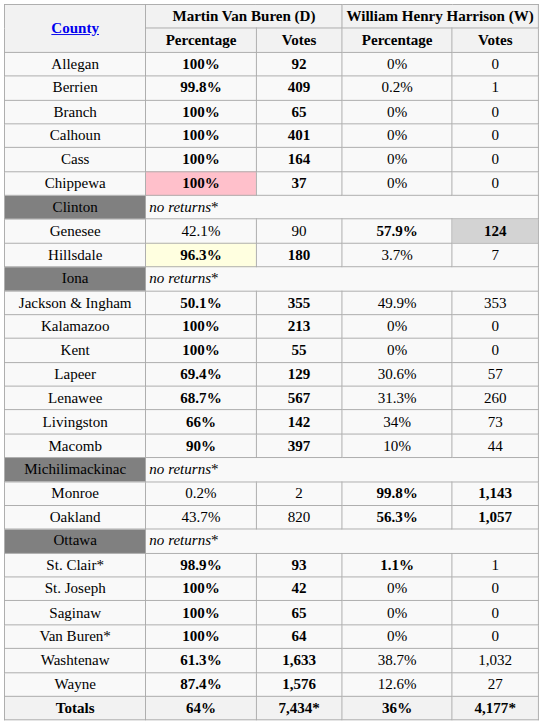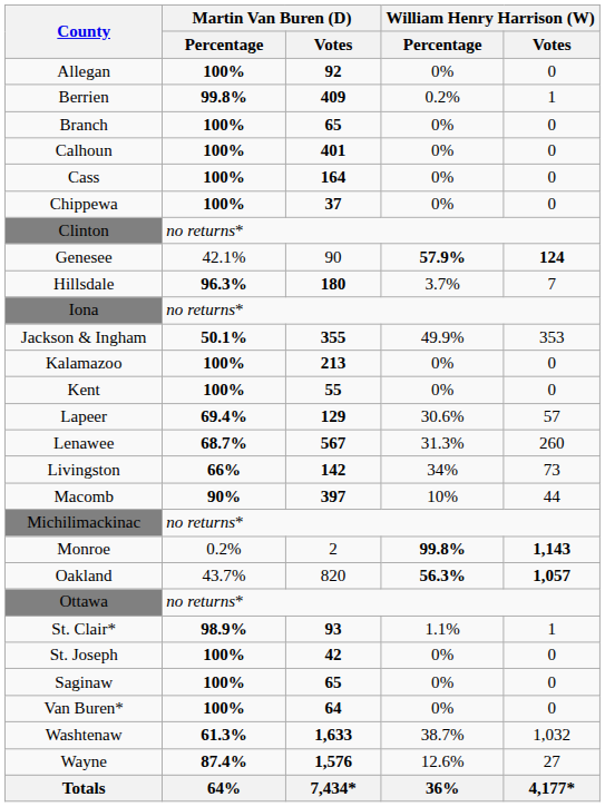 <table style="width:45%;" class="wikitable sortable">
 <tr style="background:lightgrey;">
 <th style="width:10%;" rowspan=2><a href='#'>County</a></th>
 <th style="width:20%;" colspan=2>Martin Van Buren (D)</th>
 <th style="width:20%;" colspan=2>William Henry Harrison (W)</th>
 </tr>
 <tr>
 <th style="width:10%;">Percentage</th>
 <th style="width:10%;">Votes</th>
 <th style="width:10%;">Percentage</th>
 <th style="width:10%;">Votes</th>
 </tr>
 <tr>
 <td align="center" >Allegan</td>
 <td style="text-align:center;"><strong>100%</strong></td>
 <td style="text-align:center;"><strong>92</strong></td>
 <td style="text-align:center;">0%</td>
 <td style="text-align:center;">0</td>
 </tr>
 <tr>
 <td align="center" >Berrien</td>
 <td style="text-align:center;"><strong>99.8%</strong></td>
 <td style="text-align:center;"><strong>409</strong></td>
 <td style="text-align:center;">0.2%</td>
 <td style="text-align:center;">1</td>
 </tr>
 <tr>
 <td align="center" >Branch</td>
 <td style="text-align:center;"><strong>100%</strong></td>
 <td style="text-align:center;"><strong>65</strong></td>
 <td style="text-align:center;">0%</td>
 <td style="text-align:center;">0</td>
 </tr>
 <tr>
 <td align="center" >Calhoun</td>
 <td style="text-align:center;"><strong>100%</strong></td>
 <td style="text-align:center;"><strong>401</strong></td>
 <td style="text-align:center;">0%</td>
 <td style="text-align:center;">0</td>
 </tr>
 <tr>
 <td align="center" >Cass</td>
 <td style="text-align:center;"><strong>100%</strong></td>
 <td style="text-align:center;"><strong>164</strong></td>
 <td style="text-align:center;">0%</td>
 <td style="text-align:center;">0</td>
 </tr>
 <tr>
 <td align="center" >Chippewa</td>
-<td style="background: pink; text-align:center;"><strong>100%</strong></td>
+<td style="text-align:center;"><strong>100%</strong></td>
 <td style="text-align:center;"><strong>37</strong></td>
 <td style="text-align:center;">0%</td>
 <td style="text-align:center;">0</td>
 </tr>
 <tr>
 <td align="center" style="background-color: gray;">Clinton</td>
 <td colspan="4"><em>no returns</em>*</td>
 </tr>
 <tr>
 <td align="center" >Genesee</td>
 <td style="text-align:center;">42.1%</td>
 <td style="text-align:center;">90</td>
 <td style="text-align:center;"><strong>57.9%</strong></td>
-<td style="background: lightgrey; text-align:center;"><strong>124</strong></td>
+<td style="text-align:center;"><strong>124</strong></td>
 </tr>
 <tr>
 <td align="center" >Hillsdale</td>
-<td style="background: lightyellow; text-align:center;"><strong>96.3%</strong></td>
+<td style="text-align:center;"><strong>96.3%</strong></td>
 <td style="text-align:center;"><strong>180</strong></td>
 <td style="text-align:center;">3.7%</td>
 <td style="text-align:center;">7</td>
 </tr>
 <tr>
 <td align="center" style="background-color: gray;">Iona</td>
 <td colspan="4"><em>no returns</em>*</td>
 </tr>
 <tr>
 <td align="center" >Jackson & Ingham</td>
 <td style="text-align:center;"><strong>50.1%</strong></td>
 <td style="text-align:center;"><strong>355</strong></td>
 <td style="text-align:center;">49.9%</td>
 <td style="text-align:center;">353</td>
 </tr>
 <tr>
 <td align="center" >Kalamazoo</td>
 <td style="text-align:center;"><strong>100%</strong></td>
 <td style="text-align:center;"><strong>213</strong></td>
 <td style="text-align:center;">0%</td>
 <td style="text-align:center;">0</td>
 </tr>
 <tr>
 <td align="center" >Kent</td>
 <td style="text-align:center;"><strong>100%</strong></td>
 <td style="text-align:center;"><strong>55</strong></td>
 <td style="text-align:center;">0%</td>
 <td style="text-align:center;">0</td>
 </tr>
 <tr>
 <td align="center" >Lapeer</td>
 <td style="text-align:center;"><strong>69.4%</strong></td>
 <td style="text-align:center;"><strong>129</strong></td>
 <td style="text-align:center;">30.6%</td>
 <td style="text-align:center;">57</td>
 </tr>
 <tr>
 <td align="center" >Lenawee</td>
 <td style="text-align:center;"><strong>68.7%</strong></td>
 <td style="text-align:center;"><strong>567</strong></td>
 <td style="text-align:center;">31.3%</td>
 <td style="text-align:center;">260</td>
 </tr>
 <tr>
 <td align="center" >Livingston</td>
 <td style="text-align:center;"><strong>66%</strong></td>
 <td style="text-align:center;"><strong>142</strong></td>
 <td style="text-align:center;">34%</td>
 <td style="text-align:center;">73</td>
 </tr>
 <tr>
 <td align="center" >Macomb</td>
 <td style="text-align:center;"><strong>90%</strong></td>
 <td style="text-align:center;"><strong>397</strong></td>
 <td style="text-align:center;">10%</td>
 <td style="text-align:center;">44</td>
 </tr>
 <tr>
 <td align="center" style="background-color: gray;">Michilimackinac</td>
 <td colspan="4"><em>no returns</em>*</td>
 </tr>
 <tr>
 <td align="center" >Monroe</td>
 <td style="text-align:center;">0.2%</td>
 <td style="text-align:center;">2</td>
 <td style="text-align:center;"><strong>99.8%</strong></td>
 <td style="text-align:center;"><strong>1,143</strong></td>
 </tr>
 <tr>
 <td align="center" >Oakland</td>
 <td style="text-align:center;">43.7%</td>
 <td style="text-align:center;">820</td>
 <td style="text-align:center;"><strong>56.3%</strong></td>
 <td style="text-align:center;"><strong>1,057</strong></td>
 </tr>
 <tr>
 <td align="center" style="background-color: gray;">Ottawa</td>
 <td colspan="4"><em>no returns</em>*</td>
 </tr>
 <tr>
 <td align="center" >St. Clair*</td>
 <td style="text-align:center;"><strong>98.9%</strong></td>
 <td style="text-align:center;"><strong>93</strong></td>
-<td style="text-align:center;"><strong>1.1%</strong></td>
+<td style="text-align:center;">1.1%</td>
 <td style="text-align:center;">1</td>
 </tr>
 <tr>
 <td align="center" >St. Joseph</td>
 <td style="text-align:center;"><strong>100%</strong></td>
 <td style="text-align:center;"><strong>42</strong></td>
 <td style="text-align:center;">0%</td>
 <td style="text-align:center;">0</td>
 </tr>
 <tr>
 <td align="center" >Saginaw</td>
 <td style="text-align:center;"><strong>100%</strong></td>
 <td style="text-align:center;"><strong>65</strong></td>
 <td style="text-align:center;">0%</td>
 <td style="text-align:center;">0</td>
 </tr>
 <tr>
 <td align="center" >Van Buren*</td>
 <td style="text-align:center;"><strong>100%</strong></td>
 <td style="text-align:center;"><strong>64</strong></td>
 <td style="text-align:center;">0%</td>
 <td style="text-align:center;">0</td>
 </tr>
 <tr>
 <td align="center" >Washtenaw</td>
 <td style="text-align:center;"><strong>61.3%</strong></td>
 <td style="text-align:center;"><strong>1,633</strong></td>
 <td style="text-align:center;">38.7%</td>
 <td style="text-align:center;">1,032</td>
 </tr>
 <tr>
 <td align="center" >Wayne</td>
 <td style="text-align:center;"><strong>87.4%</strong></td>
 <td style="text-align:center;"><strong>1,576</strong></td>
 <td style="text-align:center;">12.6%</td>
 <td style="text-align:center;">27</td>
 </tr>
 <tr>
 <th align="center" >Totals</th>
 <th style="text-align:center;"><strong>64%</strong></th>
 <th style="text-align:center;"><strong>7,434</strong>*</th>
 <th style="text-align:center;">36%</th>
 <th style="text-align:center;">4,177*</th>
 </tr>
 </table>
